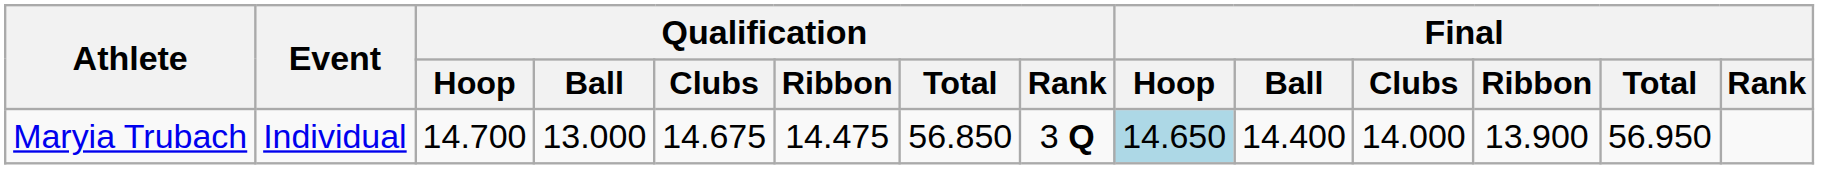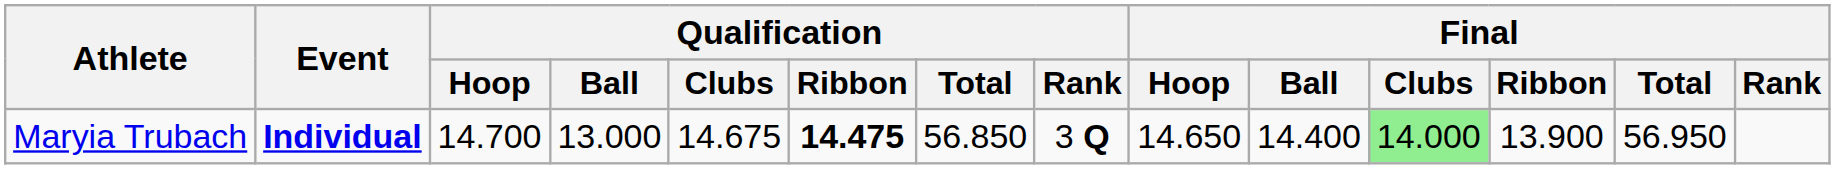 <table class=wikitable style="font-size:90%">
 <tr>
 <th rowspan=2>Athlete</th>
 <th rowspan=2>Event</th>
 <th colspan=6>Qualification</th>
 <th colspan=6>Final</th>
 </tr>
 <tr style="font-size:95%">
 <th>Hoop</th>
 <th>Ball</th>
 <th>Clubs</th>
 <th>Ribbon</th>
 <th>Total</th>
 <th>Rank</th>
 <th>Hoop</th>
 <th>Ball</th>
 <th>Clubs</th>
 <th>Ribbon</th>
 <th>Total</th>
 <th>Rank</th>
 </tr>
 <tr align=center>
 <td align=left><a href='#'>Maryia Trubach</a></td>
-<td align=left><a href='#'>Individual</a></td>
+<td align=left><strong><a href='#'>Individual</a></strong></td>
 <td>14.700</td>
 <td>13.000</td>
 <td>14.675</td>
-<td>14.475</td>
+<td><strong>14.475</strong></td>
 <td>56.850</td>
 <td>3 <strong>Q</strong></td>
-<td style="background: lightblue;">14.650</td>
+<td>14.650</td>
 <td>14.400</td>
-<td>14.000</td>
+<td style="background: lightgreen;">14.000</td>
 <td>13.900</td>
 <td>56.950</td>
 <td></td>
 </tr>
 </table>
